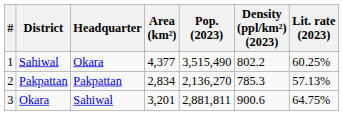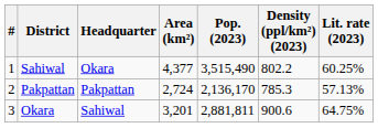 <table class="wikitable sortable">
 <tr>
 <th>#</th>
 <th>District</th>
 <th>Headquarter</th>
 <th>Area<br>(km²)</th>
 <th>Pop.<br>(2023)</th>
 <th>Density<br>(ppl/km²)<br>(2023)</th>
 <th>Lit. rate<br>(2023)</th>
 </tr>
 <tr>
 <td>1</td>
 <td><a href='#'>Sahiwal</a></td>
 <td><a href='#'>Okara</a></td>
 <td>4,377</td>
 <td>3,515,490</td>
 <td>802.2</td>
 <td>60.25%</td>
 </tr>
 <tr>
 <td>2</td>
 <td><a href='#'>Pakpattan</a></td>
 <td><a href='#'>Pakpattan</a></td>
-<td>2,834</td>
-<td>2,136,270</td>
+<td>2,724</td>
+<td>2,136,170</td>
 <td>785.3</td>
 <td>57.13%</td>
 </tr>
 <tr>
 <td>3</td>
 <td><a href='#'>Okara</a></td>
 <td><a href='#'>Sahiwal</a></td>
 <td>3,201</td>
 <td>2,881,811</td>
 <td>900.6</td>
 <td>64.75%</td>
 </tr>
 </table>
